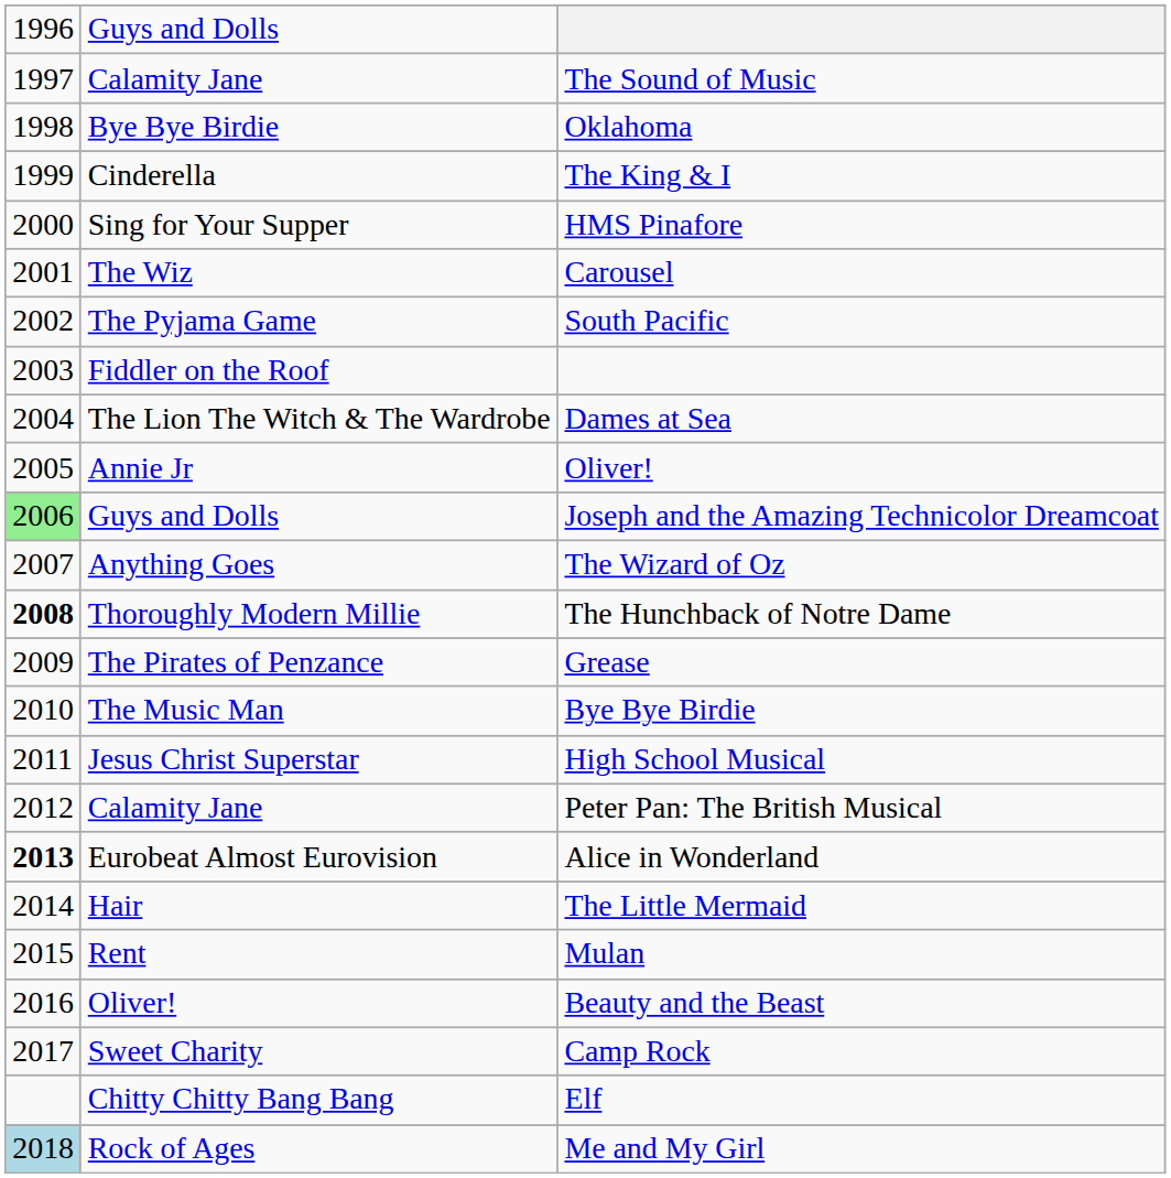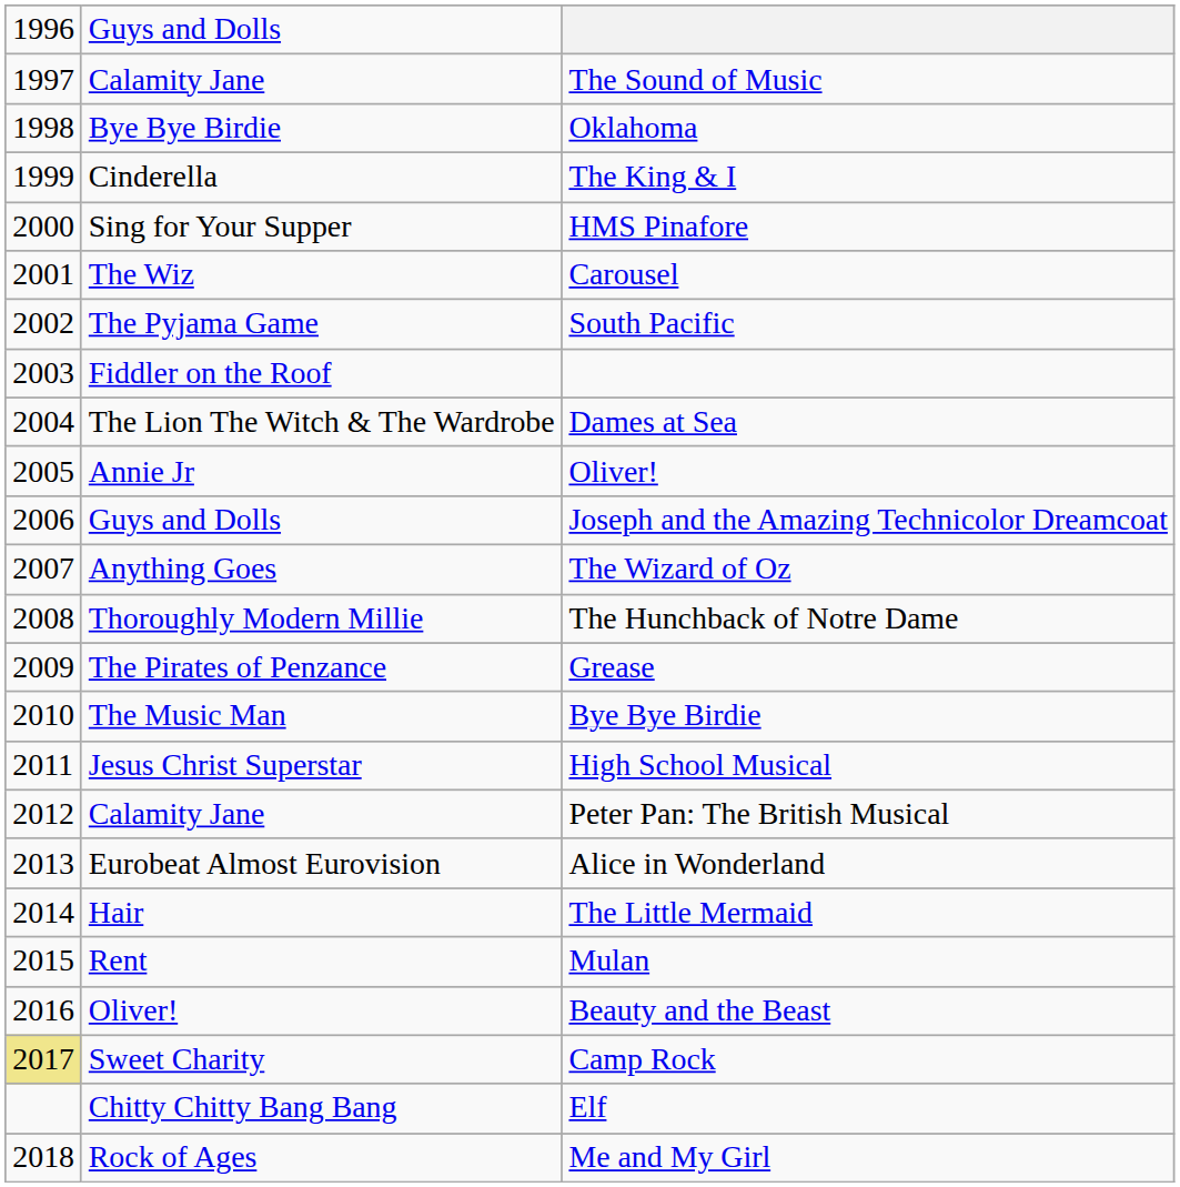 <table class="wikitable">
 <tr>
 <td>1996</td>
 <td><a href='#'>Guys and Dolls</a></td>
 <th></th>
 </tr>
 <tr>
 <td>1997</td>
 <td><a href='#'>Calamity Jane</a></td>
 <td><a href='#'>The Sound of Music</a></td>
 </tr>
 <tr>
 <td>1998</td>
 <td><a href='#'>Bye Bye Birdie</a></td>
 <td><a href='#'>Oklahoma</a></td>
 </tr>
 <tr>
 <td>1999</td>
 <td>Cinderella</td>
 <td><a href='#'>The King & I</a></td>
 </tr>
 <tr>
 <td>2000</td>
 <td>Sing for Your Supper</td>
 <td><a href='#'>HMS Pinafore</a></td>
 </tr>
 <tr>
 <td>2001</td>
 <td><a href='#'>The Wiz</a></td>
 <td><a href='#'>Carousel</a></td>
 </tr>
 <tr>
 <td>2002</td>
 <td><a href='#'>The Pyjama Game</a></td>
 <td><a href='#'>South Pacific</a></td>
 </tr>
 <tr>
 <td>2003</td>
 <td><a href='#'>Fiddler on the Roof</a></td>
 <td></td>
 </tr>
 <tr>
 <td>2004</td>
 <td>The Lion The Witch & The Wardrobe</td>
 <td><a href='#'>Dames at Sea</a></td>
 </tr>
 <tr>
 <td>2005</td>
 <td><a href='#'>Annie Jr</a></td>
 <td><a href='#'>Oliver!</a></td>
 </tr>
 <tr>
-<td style="background: lightgreen;">2006</td>
+<td>2006</td>
 <td><a href='#'>Guys and Dolls</a></td>
 <td><a href='#'>Joseph and the Amazing Technicolor Dreamcoat</a></td>
 </tr>
 <tr>
 <td>2007</td>
 <td><a href='#'>Anything Goes</a></td>
 <td><a href='#'>The Wizard of Oz</a></td>
 </tr>
 <tr>
-<td><strong>2008</strong></td>
+<td>2008</td>
 <td><a href='#'>Thoroughly Modern Millie</a></td>
 <td>The Hunchback of Notre Dame</td>
 </tr>
 <tr>
 <td>2009</td>
 <td><a href='#'>The Pirates of Penzance</a></td>
 <td><a href='#'>Grease</a></td>
 </tr>
 <tr>
 <td>2010</td>
 <td><a href='#'>The Music Man</a></td>
 <td><a href='#'>Bye Bye Birdie</a></td>
 </tr>
 <tr>
 <td>2011</td>
 <td><a href='#'>Jesus Christ Superstar</a></td>
 <td><a href='#'>High School Musical</a></td>
 </tr>
 <tr>
 <td>2012</td>
 <td><a href='#'>Calamity Jane</a></td>
 <td>Peter Pan: The British Musical</td>
 </tr>
 <tr>
-<td><strong>2013</strong></td>
+<td>2013</td>
 <td>Eurobeat Almost Eurovision</td>
 <td>Alice in Wonderland</td>
 </tr>
 <tr>
 <td>2014</td>
 <td><a href='#'>Hair</a></td>
 <td><a href='#'>The Little Mermaid</a></td>
 </tr>
 <tr>
 <td>2015</td>
 <td><a href='#'>Rent</a></td>
 <td><a href='#'>Mulan</a></td>
 </tr>
 <tr>
 <td>2016</td>
 <td><a href='#'>Oliver!</a></td>
 <td><a href='#'>Beauty and the Beast</a></td>
 </tr>
 <tr>
-<td>2017</td>
+<td style="background: khaki;">2017</td>
 <td><a href='#'>Sweet Charity</a></td>
 <td><a href='#'>Camp Rock</a></td>
 </tr>
 <tr>
 <td></td>
 <td><a href='#'>Chitty Chitty Bang Bang</a></td>
 <td><a href='#'>Elf</a></td>
 </tr>
 <tr>
-<td style="background: lightblue;">2018</td>
+<td>2018</td>
 <td><a href='#'>Rock of Ages</a></td>
 <td><a href='#'>Me and My Girl</a></td>
 </tr>
 </table>
